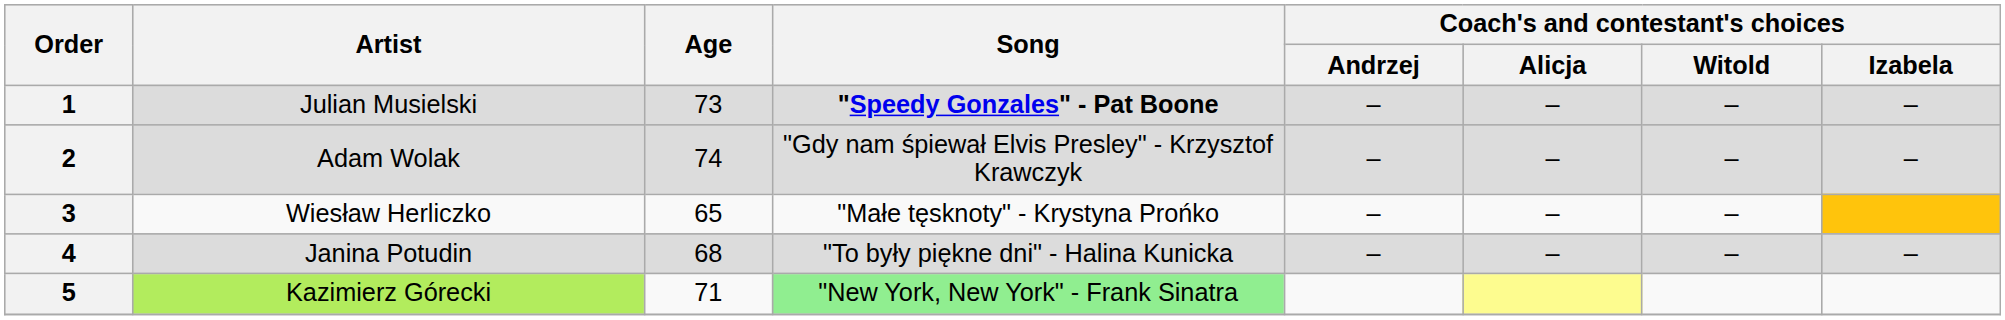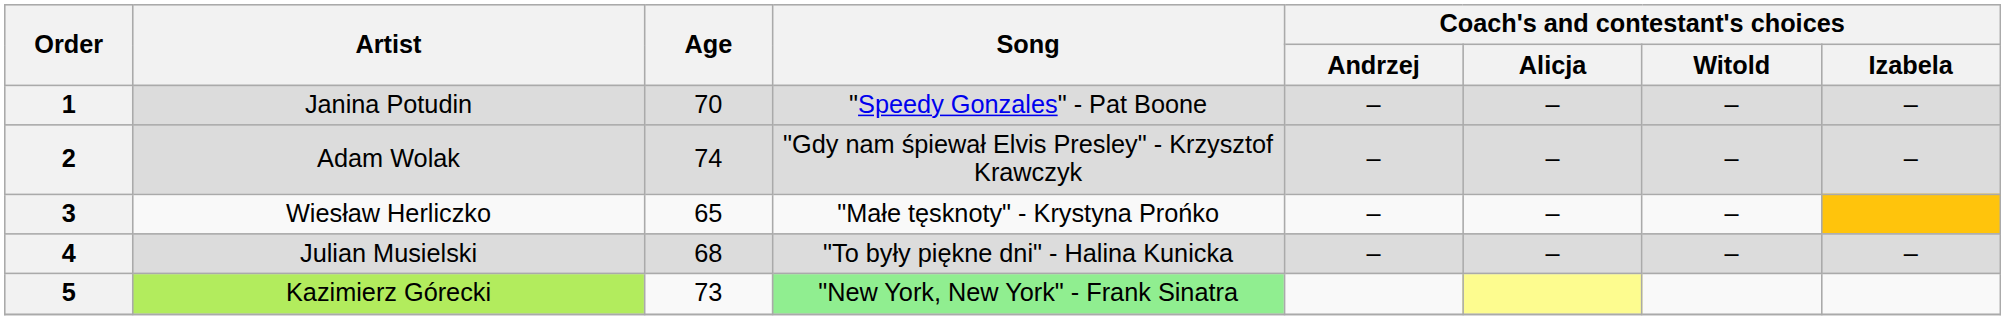 <table class="wikitable" style="text-align:center; width:100%;">
 <tr>
 <th scope="col" rowspan="2" style="width:05%;">Order</th>
 <th scope="col" rowspan="2" style="width:20%;">Artist</th>
 <th scope="col" rowspan="2" style="width:05%;">Age</th>
 <th scope="col" rowspan="2" style="width:20%;">Song</th>
 <th scope="col" colspan="4" style="width:32%;">Coach's and contestant's choices</th>
 </tr>
 <tr>
 <th style="width:07%;">Andrzej</th>
 <th style="width:07%;">Alicja</th>
 <th style="width:07%;">Witold</th>
 <th style="width:07%;">Izabela</th>
 </tr>
 <tr>
 <th>1</th>
-<td style="background:#dcdcdc;">Julian Musielski</td>
-<td style="background:#dcdcdc;">73</td>
-<td style="background:#dcdcdc;"><strong>"<a href='#'>Speedy Gonzales</a>" - Pat Boone</strong></td>
+<td style="background:#dcdcdc;">Janina Potudin</td>
+<td style="background:#dcdcdc;">70</td>
+<td style="background:#dcdcdc;">"<a href='#'>Speedy Gonzales</a>" - Pat Boone</td>
 <td style="background:#dcdcdc;">–</td>
 <td style="background:#dcdcdc;">–</td>
 <td style="background:#dcdcdc;">–</td>
 <td style="background:#dcdcdc;">–</td>
 </tr>
 <tr>
 <th>2</th>
 <td style="background:#dcdcdc;">Adam Wolak</td>
 <td style="background:#dcdcdc;">74</td>
 <td style="background:#dcdcdc;">"Gdy nam śpiewał Elvis Presley" - Krzysztof Krawczyk</td>
 <td style="background:#dcdcdc;">–</td>
 <td style="background:#dcdcdc;">–</td>
 <td style="background:#dcdcdc;">–</td>
 <td style="background:#dcdcdc;">–</td>
 </tr>
 <tr>
 <th>3</th>
 <td>Wiesław Herliczko</td>
 <td>65</td>
 <td>"Małe tęsknoty" - Krystyna Prońko</td>
 <td>–</td>
 <td>–</td>
 <td>–</td>
 <td style="background:#ffc40c;"><strong></strong></td>
 </tr>
 <tr>
 <th>4</th>
-<td style="background:#dcdcdc;">Janina Potudin</td>
+<td style="background:#dcdcdc;">Julian Musielski</td>
 <td style="background:#dcdcdc;">68</td>
 <td style="background:#dcdcdc;">"To były piękne dni" - Halina Kunicka</td>
 <td style="background:#dcdcdc;">–</td>
 <td style="background:#dcdcdc;">–</td>
 <td style="background:#dcdcdc;">–</td>
 <td style="background:#dcdcdc;">–</td>
 </tr>
 <tr>
 <th>5</th>
 <td style="background:#B2EC5D;">Kazimierz Górecki</td>
-<td>71</td>
+<td>73</td>
 <td style="background: lightgreen;">"New York, New York" - Frank Sinatra</td>
 <td><strong></strong></td>
 <td style="background:#fdfc8f;"><strong></strong></td>
 <td><strong></strong></td>
 <td><strong></strong></td>
 </tr>
 <tr>
 </tr>
 </table>
